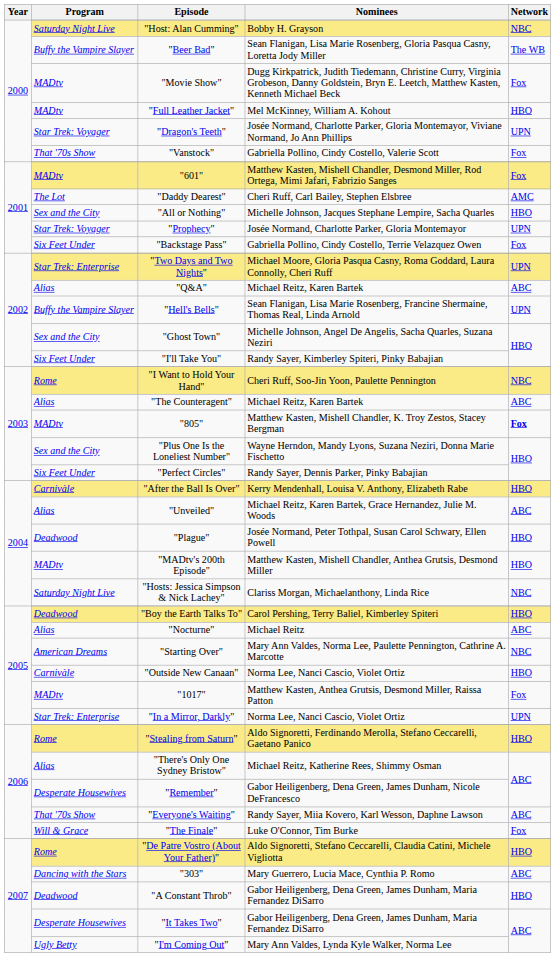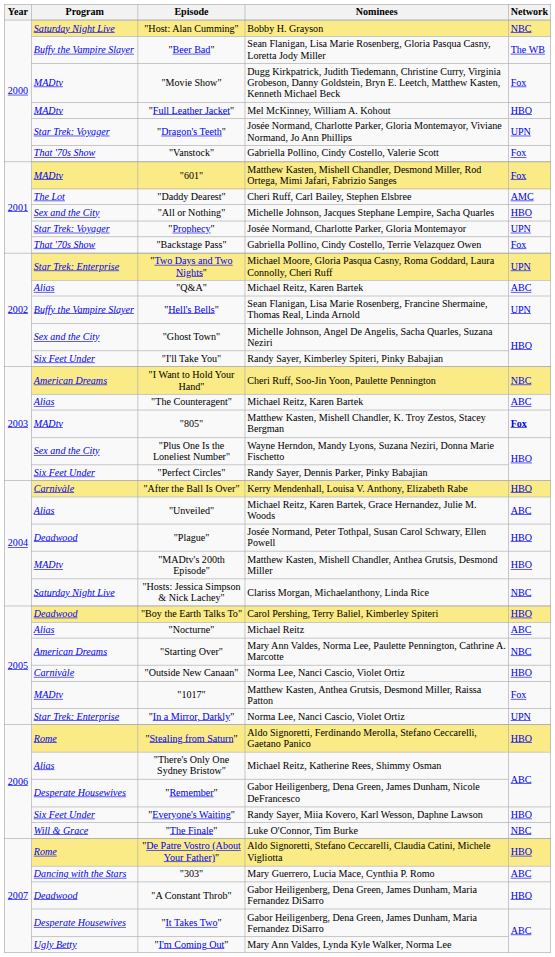 <table class="wikitable">
 <tr>
 <th width="5%">Year</th>
 <th width="20%">Program</th>
 <th width="20%">Episode</th>
 <th width="50%">Nominees</th>
 <th width="5%">Network</th>
 </tr>
 <tr>
 <td rowspan="7" style="text-align:center;"><a href='#'>2000</a><br></td>
 </tr>
 <tr style="background:#FAEB86;">
 <td><em><a href='#'>Saturday Night Live</a></em></td>
 <td align=center>"Host: Alan Cumming"</td>
 <td>Bobby H. Grayson</td>
 <td><a href='#'>NBC</a></td>
 </tr>
 <tr>
 <td><em><a href='#'>Buffy the Vampire Slayer</a> </em></td>
 <td align=center>"<a href='#'>Beer Bad</a>"</td>
 <td>Sean Flanigan, Lisa Marie Rosenberg, Gloria Pasqua Casny, Loretta Jody Miller</td>
 <td><a href='#'>The WB</a></td>
 </tr>
 <tr>
 <td><em><a href='#'>MADtv</a> </em></td>
 <td align=center>"Movie Show"</td>
 <td>Dugg Kirkpatrick, Judith Tiedemann, Christine Curry, Virginia Grobeson, Danny Goldstein, Bryn E. Leetch, Matthew Kasten, Kenneth Michael Beck</td>
 <td><a href='#'>Fox</a></td>
 </tr>
 <tr>
 <td><em><a href='#'>MADtv</a> </em></td>
 <td align=center>"<a href='#'>Full Leather Jacket</a>"</td>
 <td>Mel McKinney, William A. Kohout</td>
 <td><a href='#'>HBO</a></td>
 </tr>
 <tr>
 <td><em><a href='#'>Star Trek: Voyager</a> </em></td>
 <td align=center>"<a href='#'>Dragon's Teeth</a>"</td>
 <td>Josée Normand, Charlotte Parker, Gloria Montemayor, Viviane Normand, Jo Ann Phillips</td>
 <td><a href='#'>UPN</a></td>
 </tr>
 <tr>
 <td><em><a href='#'>That '70s Show</a> </em></td>
 <td align=center>"Vanstock"</td>
 <td>Gabriella Pollino, Cindy Costello, Valerie Scott</td>
 <td><a href='#'>Fox</a></td>
 </tr>
 <tr>
 <td rowspan="6" style="text-align:center;"><a href='#'>2001</a><br></td>
 </tr>
 <tr style="background:#FAEB86;">
 <td><em><a href='#'>MADtv</a></em></td>
 <td align=center>"601"</td>
 <td>Matthew Kasten, Mishell Chandler, Desmond Miller, Rod Ortega, Mimi Jafari, Fabrizio Sanges</td>
 <td><a href='#'>Fox</a></td>
 </tr>
 <tr>
 <td><em><a href='#'>The Lot</a> </em></td>
 <td align=center>"Daddy Dearest"</td>
 <td>Cheri Ruff, Carl Bailey, Stephen Elsbree</td>
 <td><a href='#'>AMC</a></td>
 </tr>
 <tr>
 <td><em><a href='#'>Sex and the City</a> </em></td>
 <td align=center>"All or Nothing"</td>
 <td>Michelle Johnson, Jacques Stephane Lempire, Sacha Quarles</td>
 <td><a href='#'>HBO</a></td>
 </tr>
 <tr>
 <td><em><a href='#'>Star Trek: Voyager</a> </em></td>
 <td align=center>"<a href='#'>Prophecy</a>"</td>
 <td>Josée Normand, Charlotte Parker, Gloria Montemayor</td>
 <td><a href='#'>UPN</a></td>
 </tr>
 <tr>
-<td><em><a href='#'>Six Feet Under</a> </em></td>
+<td><em><a href='#'>That '70s Show</a> </em></td>
 <td align=center>"Backstage Pass"</td>
 <td>Gabriella Pollino, Cindy Costello, Terrie Velazquez Owen</td>
 <td><a href='#'>Fox</a></td>
 </tr>
 <tr>
 <td rowspan="6" style="text-align:center;"><a href='#'>2002</a><br></td>
 </tr>
 <tr style="background:#FAEB86;">
 <td><em><a href='#'>Star Trek: Enterprise</a></em></td>
 <td align=center>"<a href='#'>Two Days and Two Nights</a>"</td>
 <td>Michael Moore, Gloria Pasqua Casny, Roma Goddard, Laura Connolly, Cheri Ruff</td>
 <td><a href='#'>UPN</a></td>
 </tr>
 <tr>
 <td><em><a href='#'>Alias</a> </em></td>
 <td align=center>"Q&A"</td>
 <td>Michael Reitz, Karen Bartek</td>
 <td><a href='#'>ABC</a></td>
 </tr>
 <tr>
 <td><em><a href='#'>Buffy the Vampire Slayer</a> </em></td>
 <td align=center>"<a href='#'>Hell's Bells</a>"</td>
 <td>Sean Flanigan, Lisa Marie Rosenberg, Francine Shermaine, Thomas Real, Linda Arnold</td>
 <td><a href='#'>UPN</a></td>
 </tr>
 <tr>
 <td><em><a href='#'>Sex and the City</a> </em></td>
 <td align=center>"Ghost Town"</td>
 <td>Michelle Johnson, Angel De Angelis, Sacha Quarles, Suzana Neziri</td>
 <td rowspan=2><a href='#'>HBO</a></td>
 </tr>
 <tr>
 <td><em><a href='#'>Six Feet Under</a> </em></td>
 <td align=center>"I'll Take You"</td>
 <td>Randy Sayer, Kimberley Spiteri, Pinky Babajian</td>
 </tr>
 <tr>
 <td rowspan="6" style="text-align:center;"><a href='#'>2003</a><br></td>
 </tr>
 <tr style="background:#FAEB86;">
-<td><em><a href='#'>Rome</a></em></td>
+<td><em><a href='#'>American Dreams</a></em></td>
 <td align=center>"I Want to Hold Your Hand"</td>
 <td>Cheri Ruff, Soo-Jin Yoon, Paulette Pennington</td>
 <td><a href='#'>NBC</a></td>
 </tr>
 <tr>
 <td><em><a href='#'>Alias</a> </em></td>
 <td align=center>"The Counteragent"</td>
 <td>Michael Reitz, Karen Bartek</td>
 <td><a href='#'>ABC</a></td>
 </tr>
 <tr>
 <td><em><a href='#'>MADtv</a> </em></td>
 <td align=center>"805"</td>
 <td>Matthew Kasten, Mishell Chandler, K. Troy Zestos, Stacey Bergman</td>
 <td><strong><a href='#'>Fox</a></strong></td>
 </tr>
 <tr>
 <td><em><a href='#'>Sex and the City</a> </em></td>
 <td align=center>"Plus One Is the Loneliest Number"</td>
 <td>Wayne Herndon, Mandy Lyons, Suzana Neziri, Donna Marie Fischetto</td>
 <td rowspan=2><a href='#'>HBO</a></td>
 </tr>
 <tr>
 <td><em><a href='#'>Six Feet Under</a> </em></td>
 <td align=center>"Perfect Circles"</td>
 <td>Randy Sayer, Dennis Parker, Pinky Babajian</td>
 </tr>
 <tr>
 <td rowspan="6" style="text-align:center;"><a href='#'>2004</a><br></td>
 </tr>
 <tr style="background:#FAEB86;">
 <td><em><a href='#'>Carnivàle</a></em></td>
 <td align=center>"After the Ball Is Over"</td>
 <td>Kerry Mendenhall, Louisa V. Anthony, Elizabeth Rabe</td>
 <td><a href='#'>HBO</a></td>
 </tr>
 <tr>
 <td><em><a href='#'>Alias</a> </em></td>
 <td align=center>"Unveiled"</td>
 <td>Michael Reitz, Karen Bartek, Grace Hernandez, Julie M. Woods</td>
 <td><a href='#'>ABC</a></td>
 </tr>
 <tr>
 <td><em><a href='#'>Deadwood</a> </em></td>
 <td align=center>"Plague"</td>
 <td>Josée Normand, Peter Tothpal, Susan Carol Schwary, Ellen Powell</td>
 <td><a href='#'>HBO</a></td>
 </tr>
 <tr>
 <td><em><a href='#'>MADtv</a> </em></td>
 <td align=center>"MADtv's 200th Episode"</td>
 <td>Matthew Kasten, Mishell Chandler, Anthea Grutsis, Desmond Miller</td>
 <td><a href='#'>HBO</a></td>
 </tr>
 <tr>
 <td><em><a href='#'>Saturday Night Live</a> </em></td>
 <td align=center>"Hosts: Jessica Simpson & Nick Lachey"</td>
 <td>Clariss Morgan, Michaelanthony, Linda Rice</td>
 <td><a href='#'>NBC</a></td>
 </tr>
 <tr>
 <td rowspan="7" style="text-align:center;"><a href='#'>2005</a><br></td>
 </tr>
 <tr style="background:#FAEB86;">
 <td><em><a href='#'>Deadwood</a></em></td>
 <td align=center>"Boy the Earth Talks To"</td>
 <td>Carol Pershing, Terry Baliel, Kimberley Spiteri</td>
 <td><a href='#'>HBO</a></td>
 </tr>
 <tr>
 <td><em><a href='#'>Alias</a> </em></td>
 <td align=center>"Nocturne"</td>
 <td>Michael Reitz</td>
 <td><a href='#'>ABC</a></td>
 </tr>
 <tr>
 <td><em><a href='#'>American Dreams</a> </em></td>
 <td align=center>"Starting Over"</td>
 <td>Mary Ann Valdes, Norma Lee, Paulette Pennington, Cathrine A. Marcotte</td>
 <td><a href='#'>NBC</a></td>
 </tr>
 <tr>
 <td><em><a href='#'>Carnivàle</a> </em></td>
 <td align=center>"Outside New Canaan"</td>
 <td>Norma Lee, Nanci Cascio, Violet Ortiz</td>
 <td><a href='#'>HBO</a></td>
 </tr>
 <tr>
 <td><em><a href='#'>MADtv</a> </em></td>
 <td align=center>"1017"</td>
 <td>Matthew Kasten, Anthea Grutsis, Desmond Miller, Raissa Patton</td>
 <td><a href='#'>Fox</a></td>
 </tr>
 <tr>
 <td><em><a href='#'>Star Trek: Enterprise</a> </em></td>
 <td align=center>"<a href='#'>In a Mirror, Darkly</a>"</td>
 <td>Norma Lee, Nanci Cascio, Violet Ortiz</td>
 <td><a href='#'>UPN</a></td>
 </tr>
 <tr>
 <td rowspan="6" style="text-align:center;"><a href='#'>2006</a><br></td>
 </tr>
 <tr style="background:#FAEB86;">
 <td><em><a href='#'>Rome</a></em></td>
 <td align=center>"<a href='#'>Stealing from Saturn</a>"</td>
 <td>Aldo Signoretti, Ferdinando Merolla, Stefano Ceccarelli, Gaetano Panico</td>
 <td><a href='#'>HBO</a></td>
 </tr>
 <tr>
 <td><em><a href='#'>Alias</a> </em></td>
 <td align=center>"There's Only One Sydney Bristow"</td>
 <td>Michael Reitz, Katherine Rees, Shimmy Osman</td>
 <td rowspan=2><a href='#'>ABC</a></td>
 </tr>
 <tr>
 <td><em><a href='#'>Desperate Housewives</a> </em></td>
 <td align=center>"<a href='#'>Remember</a>"</td>
 <td>Gabor Heiligenberg, Dena Green, James Dunham, Nicole DeFrancesco</td>
 </tr>
 <tr>
-<td><em><a href='#'>That '70s Show</a> </em></td>
+<td><em><a href='#'>Six Feet Under</a> </em></td>
 <td align=center>"<a href='#'>Everyone's Waiting</a>"</td>
 <td>Randy Sayer, Miia Kovero, Karl Wesson, Daphne Lawson</td>
-<td><a href='#'>ABC</a></td>
+<td><a href='#'>HBO</a></td>
 </tr>
 <tr>
 <td><em><a href='#'>Will & Grace</a> </em></td>
 <td align=center>"<a href='#'>The Finale</a>"</td>
 <td>Luke O'Connor, Tim Burke</td>
-<td><a href='#'>Fox</a></td>
+<td><a href='#'>NBC</a></td>
 </tr>
 <tr>
 <td rowspan="6" style="text-align:center;"><a href='#'>2007</a><br></td>
 </tr>
 <tr style="background:#FAEB86;">
 <td><em><a href='#'>Rome</a></em></td>
 <td align=center>"<a href='#'>De Patre Vostro (About Your Father)</a>"</td>
 <td>Aldo Signoretti, Stefano Ceccarelli, Claudia Catini, Michele Vigliotta</td>
 <td><a href='#'>HBO</a></td>
 </tr>
 <tr>
 <td><em><a href='#'>Dancing with the Stars</a> </em></td>
 <td align=center>"303"</td>
 <td>Mary Guerrero, Lucia Mace, Cynthia P. Romo</td>
 <td><a href='#'>ABC</a></td>
 </tr>
 <tr>
 <td><em><a href='#'>Deadwood</a> </em></td>
 <td align=center>"A Constant Throb"</td>
 <td>Gabor Heiligenberg, Dena Green, James Dunham, Maria Fernandez DiSarro</td>
 <td><a href='#'>HBO</a></td>
 </tr>
 <tr>
 <td><em><a href='#'>Desperate Housewives</a> </em></td>
 <td align=center>"<a href='#'>It Takes Two</a>"</td>
 <td>Gabor Heiligenberg, Dena Green, James Dunham, Maria Fernandez DiSarro</td>
 <td rowspan=2><a href='#'>ABC</a></td>
 </tr>
 <tr>
 <td><em><a href='#'>Ugly Betty</a> </em></td>
 <td align=center>"<a href='#'>I'm Coming Out</a>"</td>
 <td>Mary Ann Valdes, Lynda Kyle Walker, Norma Lee</td>
 </tr>
 </table>
